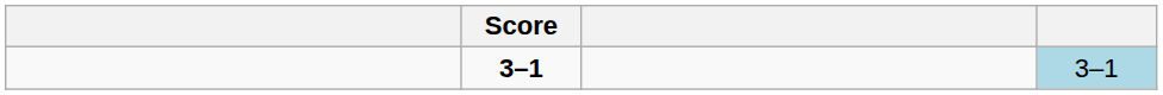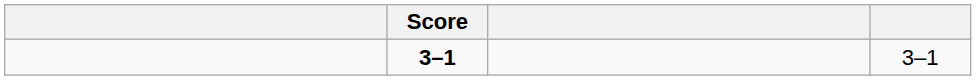 <table class="wikitable" style="text-align: center; ">
 <tr>
 <th align="right" width="270"></th>
 <th width="65">Score</th>
 <th align="left" width="270"></th>
 <th width="65"></th>
 </tr>
 <tr>
 <td align="left"><strong></strong></td>
 <td><strong>3–1</strong></td>
 <td align="left"></td>
-<td style="background: lightblue;">3–1 <strong></strong></td>
+<td>3–1 <strong></strong></td>
 </tr>
 </table>
